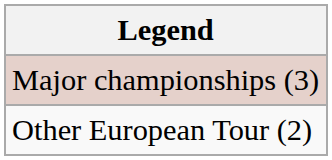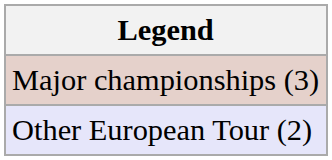 <table class="wikitable" style="font-size:95%;">
 <tr>
 <th>Legend</th>
 </tr>
 <tr style="background:#e5d1cb;">
 <td>Major championships (3)</td>
 </tr>
 <tr>
-<td>Other European Tour (2)</td>
+<td style="background: lavender;">Other European Tour (2)</td>
 </tr>
 </table>
